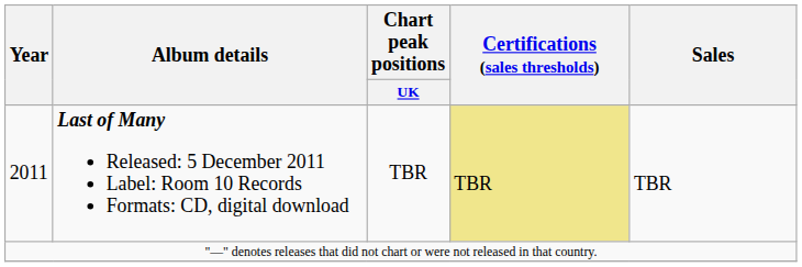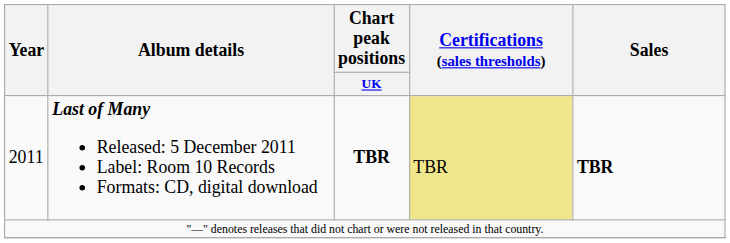 <table class="wikitable" border="1">
 <tr>
 <th rowspan="2">Year</th>
 <th rowspan="2" width="250">Album details</th>
 <th colspan="1">Chart peak positions</th>
 <th width="140" rowspan="2"><a href='#'>Certifications</a><br><small>(<a href='#'>sales thresholds</a>)</small></th>
 <th width="130" rowspan="2">Sales</th>
 </tr>
 <tr>
 <th style="width:3em;font-size:75%;"><a href='#'>UK</a><br></th>
 </tr>
 <tr>
 <td>2011</td>
 <td><strong><em>Last of Many</em></strong><br><ul><li>Released: 5 December 2011</li><li>Label: Room 10 Records</li><li>Formats: CD, digital download</li></ul></td>
-<td align="center">TBR</td>
+<td align="center"><strong>TBR</strong></td>
 <td style="background: khaki;"><br>TBR</td>
-<td><br>TBR</td>
+<td><strong><br>TBR</strong></td>
 </tr>
 <tr>
 <td align="center" colspan="9" style="font-size: 8pt">"—" denotes releases that did not chart or were not released in that country.</td>
 </tr>
 <tr>
 </tr>
 </table>
